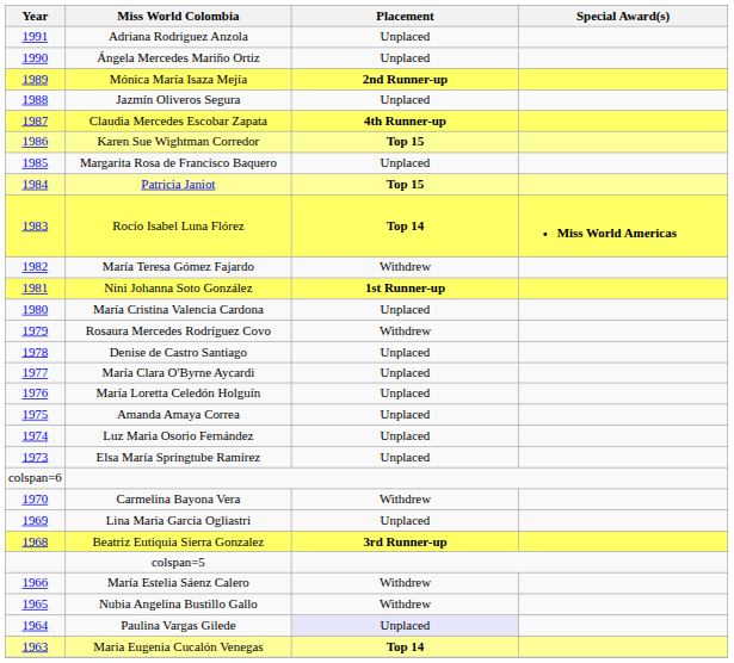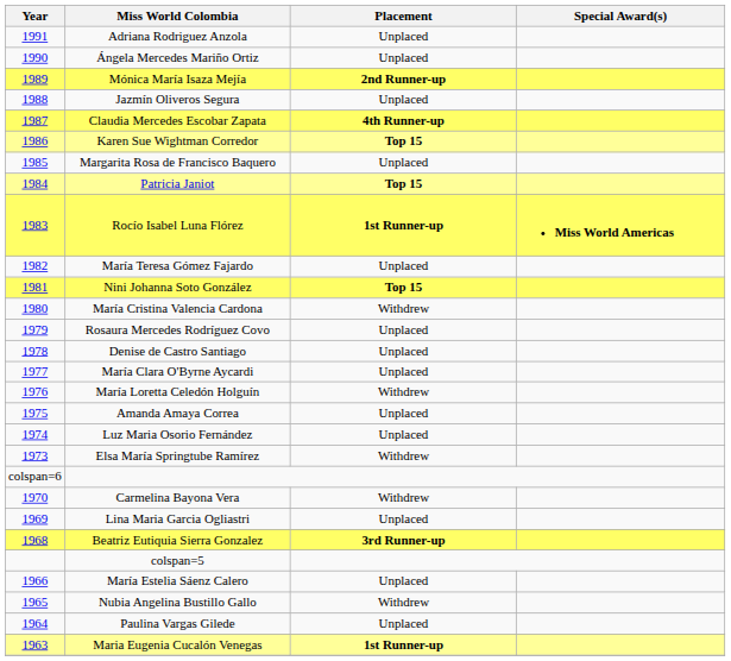 <table class="wikitable" style="font-size: 92%; text-align:center">
 <tr>
 <th width="60">Year</th>
 <th width="250">Miss World Colombia</th>
 <th width="250">Placement</th>
 <th width="230">Special Award(s)</th>
 </tr>
 <tr>
 <td><a href='#'>1991</a></td>
 <td>Adriana Rodriguez Anzola</td>
 <td>Unplaced</td>
 <td></td>
 </tr>
 <tr>
 <td><a href='#'>1990</a></td>
 <td>Ángela Mercedes Mariño Ortiz</td>
 <td>Unplaced</td>
 <td></td>
 </tr>
 <tr style="background-color:#FFFF66">
 <td><a href='#'>1989</a></td>
 <td>Mónica María Isaza Mejía</td>
 <td><strong>2nd Runner-up</strong></td>
 <td></td>
 </tr>
 <tr>
 <td><a href='#'>1988</a></td>
 <td>Jazmín Oliveros Segura</td>
 <td>Unplaced</td>
 <td></td>
 </tr>
 <tr style="background-color:#FFFF66">
 <td><a href='#'>1987</a></td>
 <td>Claudia Mercedes Escobar Zapata</td>
 <td><strong>4th Runner-up</strong></td>
 <td></td>
 </tr>
 <tr style="background-color:#FFFF99">
 <td><a href='#'>1986</a></td>
 <td>Karen Sue Wightman Corredor</td>
 <td><strong>Top 15</strong></td>
 <td></td>
 </tr>
 <tr>
 <td><a href='#'>1985</a></td>
 <td>Margarita Rosa de Francisco Baquero</td>
 <td>Unplaced</td>
 <td></td>
 </tr>
 <tr style="background-color:#FFFF99">
 <td><a href='#'>1984</a></td>
 <td><a href='#'>Patricia Janiot</a></td>
 <td><strong>Top 15</strong></td>
 <td></td>
 </tr>
 <tr style="background-color:#FFFF66">
 <td><a href='#'>1983</a></td>
 <td>Rocío Isabel Luna Flórez</td>
-<td><strong>Top 14</strong></td>
+<td><strong>1st Runner-up</strong></td>
 <td align="left"><br><ul><li><strong>Miss World Americas</strong></li></ul></td>
 </tr>
 <tr>
 <td><a href='#'>1982</a></td>
 <td>María Teresa Gómez Fajardo</td>
-<td>Withdrew</td>
+<td>Unplaced</td>
 <td></td>
 </tr>
 <tr style="background-color:#FFFF66">
 <td><a href='#'>1981</a></td>
 <td>Nini Johanna Soto González</td>
-<td><strong>1st Runner-up</strong></td>
+<td><strong>Top 15</strong></td>
 <td></td>
 </tr>
 <tr>
 <td><a href='#'>1980</a></td>
 <td>María Cristina Valencia Cardona</td>
-<td>Unplaced</td>
+<td>Withdrew</td>
 <td></td>
 </tr>
 <tr>
 <td><a href='#'>1979</a></td>
 <td>Rosaura Mercedes Rodríguez Covo</td>
-<td>Withdrew</td>
+<td>Unplaced</td>
 <td></td>
 </tr>
 <tr>
 <td><a href='#'>1978</a></td>
 <td>Denise de Castro Santiago</td>
 <td>Unplaced</td>
 <td></td>
 </tr>
 <tr>
 <td><a href='#'>1977</a></td>
 <td>María Clara O'Byrne Aycardi</td>
 <td>Unplaced</td>
 <td></td>
 </tr>
 <tr>
 <td><a href='#'>1976</a></td>
 <td>María Loretta Celedón Holguín</td>
-<td>Unplaced</td>
+<td>Withdrew</td>
 <td></td>
 </tr>
 <tr>
 <td><a href='#'>1975</a></td>
 <td>Amanda Amaya Correa</td>
 <td>Unplaced</td>
 <td></td>
 </tr>
 <tr>
 <td><a href='#'>1974</a></td>
 <td>Luz Maria Osorio Fernández</td>
 <td>Unplaced</td>
 <td></td>
 </tr>
 <tr>
 <td><a href='#'>1973</a></td>
 <td>Elsa María Springtube Ramírez</td>
-<td>Unplaced</td>
+<td>Withdrew</td>
 <td></td>
 </tr>
 <tr>
 <td>colspan=6 </td>
 </tr>
 <tr>
 <td><a href='#'>1970</a></td>
 <td>Carmelina Bayona Vera</td>
 <td>Withdrew</td>
 <td></td>
 </tr>
 <tr>
 <td><a href='#'>1969</a></td>
 <td>Lina Maria Garcia Ogliastri</td>
 <td>Unplaced</td>
 <td></td>
 </tr>
 <tr style="background-color:#FFFF66">
 <td><a href='#'>1968</a></td>
 <td>Beatriz Eutiquia Sierra Gonzalez</td>
 <td><strong>3rd Runner-up</strong></td>
 <td></td>
 </tr>
 <tr>
 <td></td>
 <td>colspan=5 </td>
 </tr>
 <tr>
 <td><a href='#'>1966</a></td>
 <td>María Estelia Sáenz Calero</td>
-<td>Withdrew</td>
+<td>Unplaced</td>
 <td></td>
 </tr>
 <tr>
 <td><a href='#'>1965</a></td>
 <td>Nubia Angelina Bustillo Gallo</td>
 <td>Withdrew</td>
 <td></td>
 </tr>
 <tr>
 <td><a href='#'>1964</a></td>
 <td>Paulina Vargas Gilede</td>
-<td style="background: lavender;">Unplaced</td>
+<td>Unplaced</td>
 <td></td>
 </tr>
 <tr style="background-color:#FFFF99">
 <td><a href='#'>1963</a></td>
 <td>Maria Eugenia Cucalón Venegas</td>
-<td><strong>Top 14</strong></td>
+<td><strong>1st Runner-up</strong></td>
 <td></td>
 </tr>
 <tr>
 </tr>
 </table>
